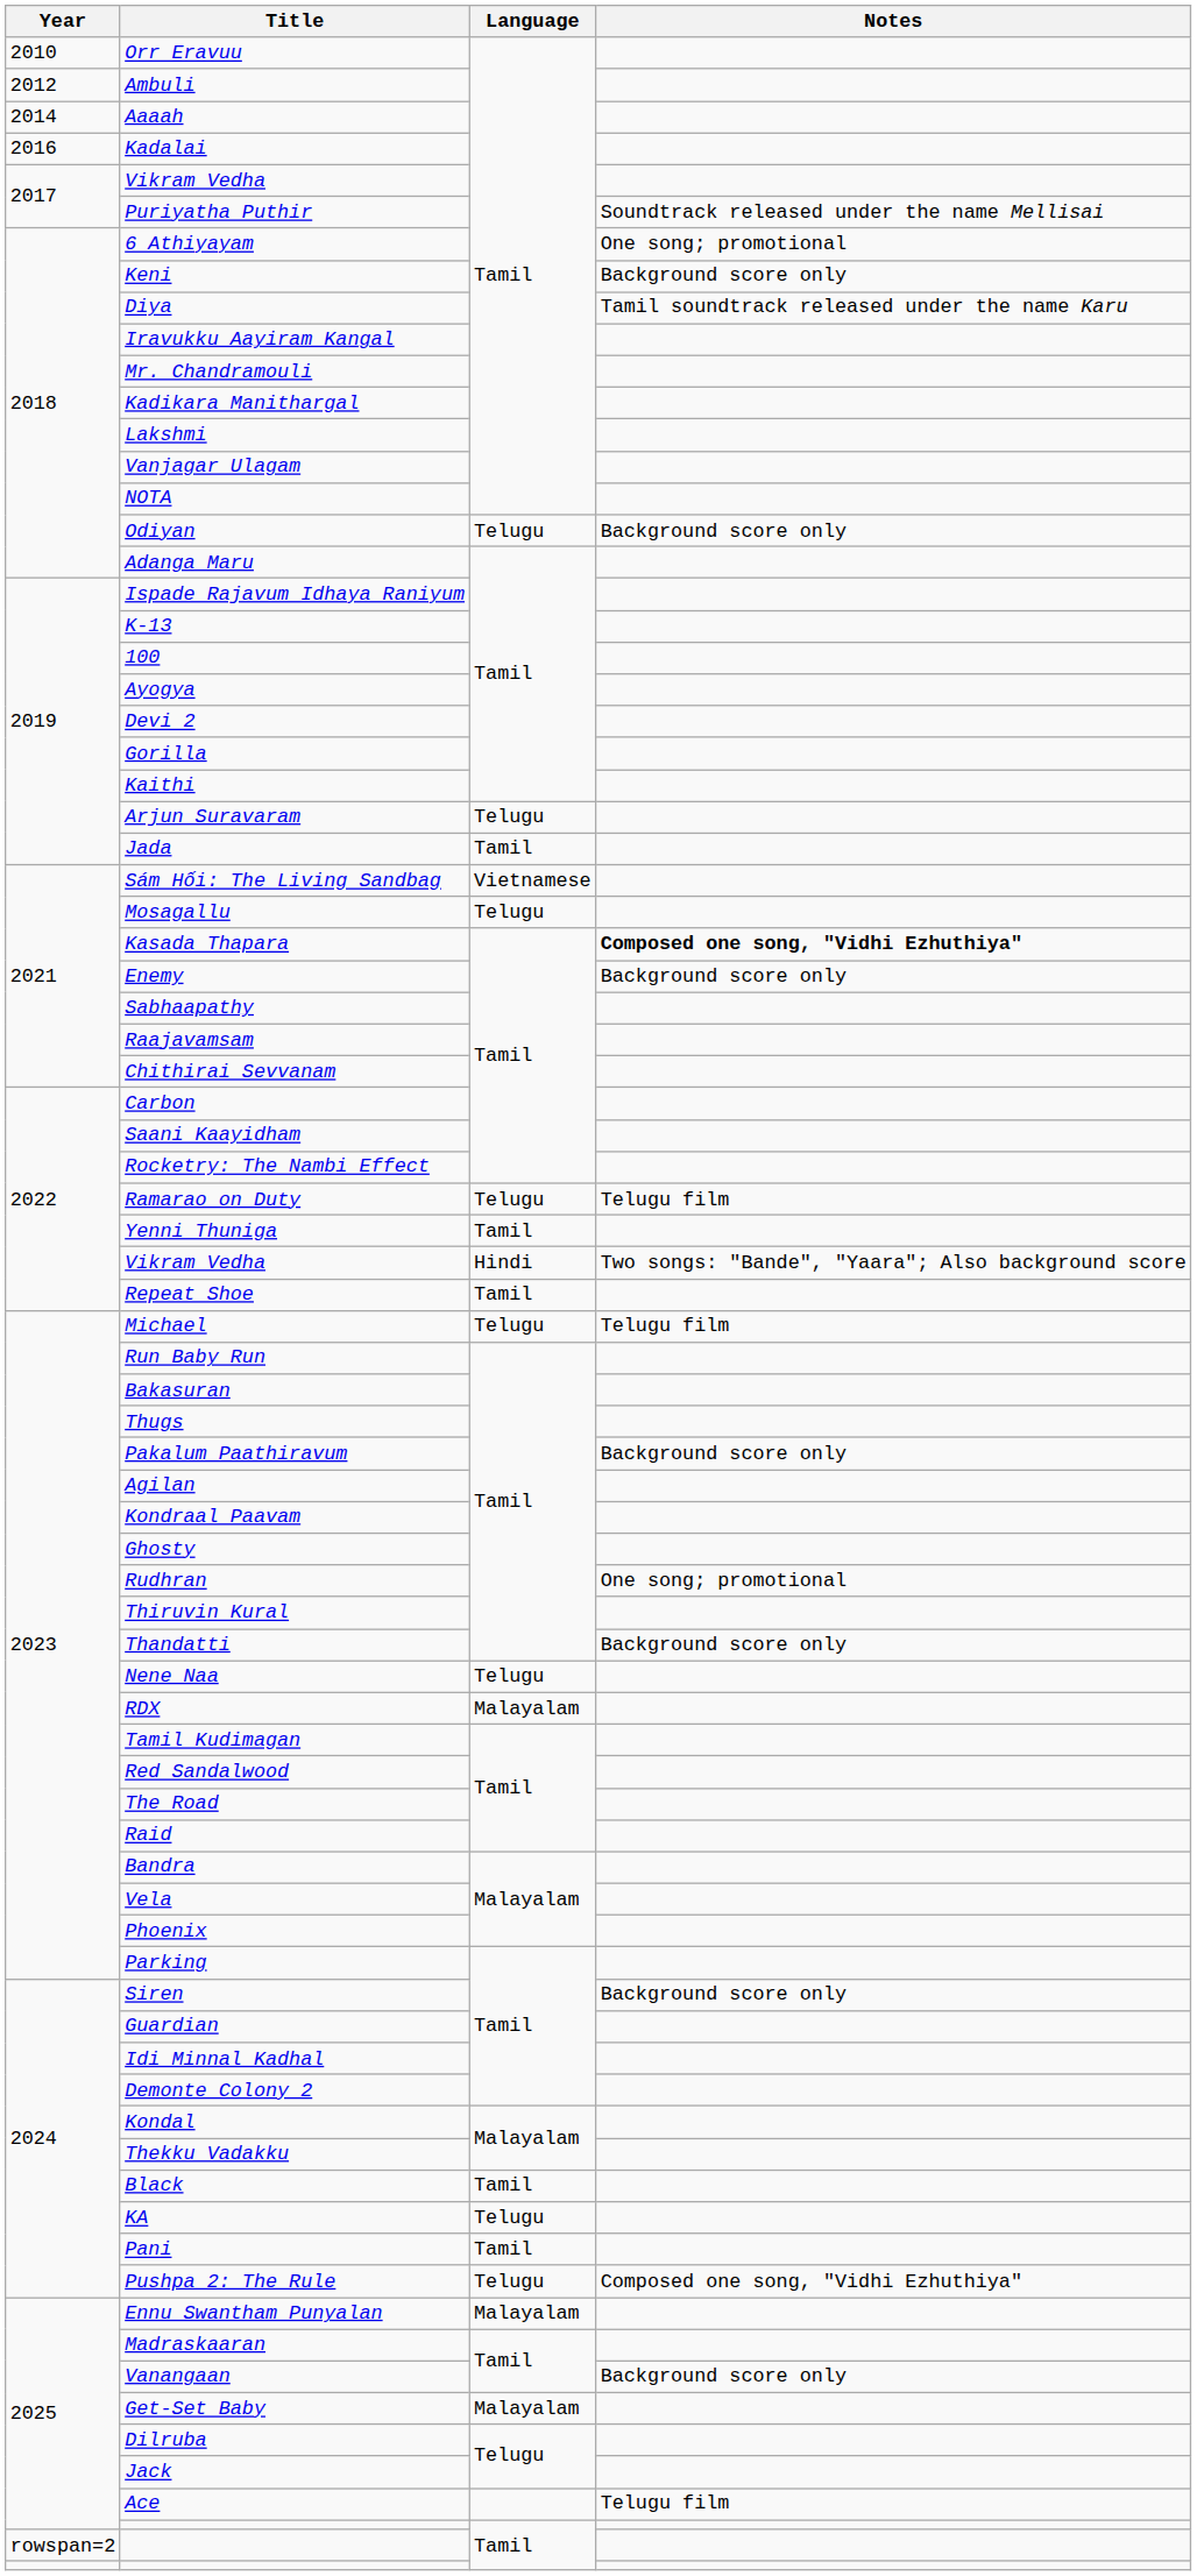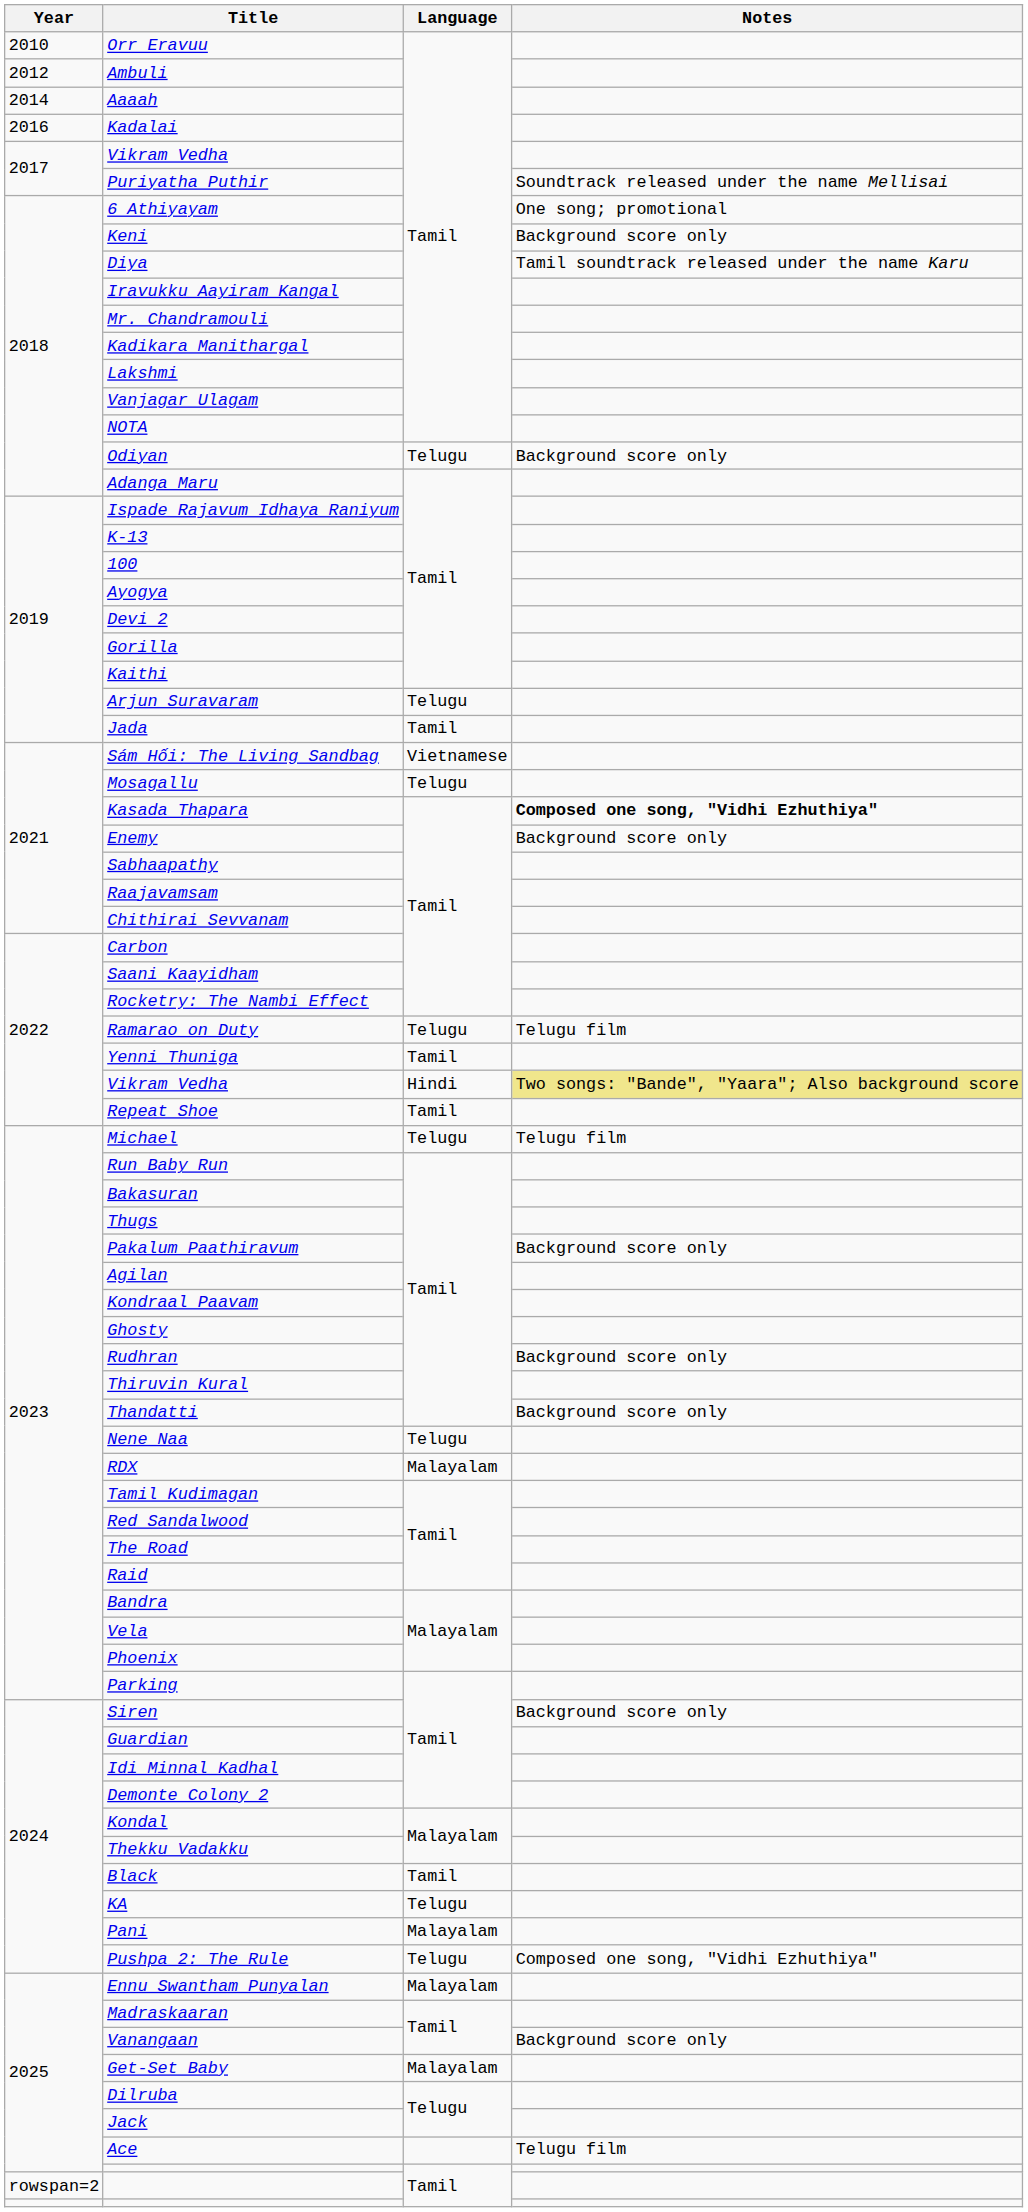 <table class="wikitable sortable">
 <tr>
 <th>Year</th>
 <th>Title</th>
 <th>Language</th>
 <th class="unsortable">Notes</th>
 </tr>
 <tr>
 <td>2010</td>
 <td><em><a href='#'>Orr Eravuu</a></em></td>
 <td rowspan="15">Tamil</td>
 <td></td>
 </tr>
 <tr>
 <td>2012</td>
 <td><em><a href='#'>Ambuli</a></em></td>
 <td></td>
 </tr>
 <tr>
 <td>2014</td>
 <td><em><a href='#'>Aaaah</a></em></td>
 <td></td>
 </tr>
 <tr>
 <td>2016</td>
 <td><em><a href='#'>Kadalai</a></em></td>
 <td></td>
 </tr>
 <tr>
 <td rowspan=2>2017</td>
 <td><em><a href='#'>Vikram Vedha</a></em></td>
 <td></td>
 </tr>
 <tr>
 <td><em><a href='#'>Puriyatha Puthir</a></em></td>
 <td>Soundtrack released under the name <em>Mellisai</em></td>
 </tr>
 <tr>
 <td rowspan=11>2018</td>
 <td><em><a href='#'>6 Athiyayam</a></em></td>
 <td>One song; promotional</td>
 </tr>
 <tr>
 <td><em><a href='#'>Keni</a></em></td>
 <td>Background score only</td>
 </tr>
 <tr>
 <td><em><a href='#'>Diya</a></em></td>
 <td>Tamil soundtrack released under the name <em>Karu</em></td>
 </tr>
 <tr>
 <td><em><a href='#'>Iravukku Aayiram Kangal</a></em></td>
 <td></td>
 </tr>
 <tr>
 <td><em><a href='#'>Mr. Chandramouli</a></em></td>
 <td></td>
 </tr>
 <tr>
 <td><em><a href='#'>Kadikara Manithargal</a></em></td>
 <td></td>
 </tr>
 <tr>
 <td><em><a href='#'>Lakshmi</a></em></td>
 <td></td>
 </tr>
 <tr>
 <td><em><a href='#'>Vanjagar Ulagam</a></em></td>
 <td></td>
 </tr>
 <tr>
 <td><em><a href='#'>NOTA</a></em></td>
 <td></td>
 </tr>
 <tr>
 <td><em><a href='#'>Odiyan</a></em></td>
 <td>Telugu</td>
 <td>Background score only</td>
 </tr>
 <tr>
 <td><em><a href='#'>Adanga Maru</a></em></td>
 <td rowspan="8">Tamil</td>
 <td></td>
 </tr>
 <tr>
 <td rowspan=9>2019</td>
 <td><em><a href='#'>Ispade Rajavum Idhaya Raniyum</a></em></td>
 <td></td>
 </tr>
 <tr>
 <td><em><a href='#'>K-13</a></em></td>
 <td></td>
 </tr>
 <tr>
 <td><em><a href='#'>100</a></em></td>
 <td></td>
 </tr>
 <tr>
 <td><em><a href='#'>Ayogya</a></em></td>
 <td></td>
 </tr>
 <tr>
 <td><em><a href='#'>Devi 2</a></em></td>
 <td></td>
 </tr>
 <tr>
 <td><em><a href='#'>Gorilla</a></em></td>
 <td></td>
 </tr>
 <tr>
 <td><em><a href='#'>Kaithi</a></em></td>
 <td></td>
 </tr>
 <tr>
 <td><em><a href='#'>Arjun Suravaram</a></em></td>
 <td>Telugu</td>
 <td></td>
 </tr>
 <tr>
 <td><em><a href='#'>Jada</a></em></td>
 <td>Tamil</td>
 <td></td>
 </tr>
 <tr>
 <td rowspan=7>2021</td>
 <td><em><a href='#'>Sám Hối: The Living Sandbag</a></em></td>
 <td>Vietnamese</td>
 <td></td>
 </tr>
 <tr>
 <td><em><a href='#'>Mosagallu</a></em></td>
 <td>Telugu</td>
 <td></td>
 </tr>
 <tr>
 <td><em><a href='#'>Kasada Thapara</a></em></td>
 <td rowspan="8">Tamil</td>
 <td><strong>Composed one song, "Vidhi Ezhuthiya"</strong></td>
 </tr>
 <tr>
 <td><em><a href='#'>Enemy</a></em></td>
 <td>Background score only</td>
 </tr>
 <tr>
 <td><em><a href='#'>Sabhaapathy</a></em></td>
 <td></td>
 </tr>
 <tr>
 <td><em><a href='#'>Raajavamsam</a></em></td>
 <td></td>
 </tr>
 <tr>
 <td><em><a href='#'>Chithirai Sevvanam</a></em></td>
 <td></td>
 </tr>
 <tr>
 <td rowspan=7>2022</td>
 <td><em><a href='#'>Carbon</a></em></td>
 <td></td>
 </tr>
 <tr>
 <td><em><a href='#'>Saani Kaayidham</a></em></td>
 <td></td>
 </tr>
 <tr>
 <td><em><a href='#'>Rocketry: The Nambi Effect</a></em></td>
 <td></td>
 </tr>
 <tr>
 <td><em><a href='#'>Ramarao on Duty</a></em></td>
 <td>Telugu</td>
 <td>Telugu film</td>
 </tr>
 <tr>
 <td><em><a href='#'>Yenni Thuniga</a></em></td>
 <td>Tamil</td>
 <td></td>
 </tr>
 <tr>
 <td><em><a href='#'>Vikram Vedha</a></em></td>
 <td>Hindi</td>
-<td>Two songs: "Bande", "Yaara"; Also background score</td>
+<td style="background: khaki;">Two songs: "Bande", "Yaara"; Also background score</td>
 </tr>
 <tr>
 <td><em><a href='#'>Repeat Shoe</a></em></td>
 <td>Tamil</td>
 <td></td>
 </tr>
 <tr>
 <td rowspan=21>2023</td>
 <td><em><a href='#'>Michael</a></em></td>
 <td>Telugu</td>
 <td>Telugu film</td>
 </tr>
 <tr>
 <td><em><a href='#'>Run Baby Run</a></em></td>
 <td rowspan="10">Tamil</td>
 <td></td>
 </tr>
 <tr>
 <td><em><a href='#'>Bakasuran</a></em></td>
 <td></td>
 </tr>
 <tr>
 <td><em><a href='#'>Thugs</a></em></td>
 <td></td>
 </tr>
 <tr>
 <td><em><a href='#'>Pakalum Paathiravum</a></em></td>
 <td>Background score only</td>
 </tr>
 <tr>
 <td><em><a href='#'>Agilan</a></em></td>
 <td></td>
 </tr>
 <tr>
 <td><em><a href='#'>Kondraal Paavam</a></em></td>
 <td></td>
 </tr>
 <tr>
 <td><em><a href='#'>Ghosty</a></em></td>
 <td></td>
 </tr>
 <tr>
 <td><em><a href='#'>Rudhran</a></em></td>
-<td>One song; promotional</td>
+<td>Background score only</td>
 </tr>
 <tr>
 <td><em><a href='#'>Thiruvin Kural</a></em></td>
 <td></td>
 </tr>
 <tr>
 <td><em><a href='#'>Thandatti</a></em></td>
 <td>Background score only</td>
 </tr>
 <tr>
 <td><em><a href='#'>Nene Naa</a></em></td>
 <td>Telugu</td>
 <td></td>
 </tr>
 <tr>
 <td><em><a href='#'>RDX</a></em></td>
 <td>Malayalam</td>
 <td></td>
 </tr>
 <tr>
 <td><em><a href='#'>Tamil Kudimagan</a></em></td>
 <td rowspan="4">Tamil</td>
 <td></td>
 </tr>
 <tr>
 <td><em><a href='#'>Red Sandalwood</a></em></td>
 <td></td>
 </tr>
 <tr>
 <td><em><a href='#'>The Road</a></em></td>
 <td></td>
 </tr>
 <tr>
 <td><em><a href='#'>Raid</a></em></td>
 <td></td>
 </tr>
 <tr>
 <td><em><a href='#'>Bandra</a></em></td>
 <td rowspan="3">Malayalam</td>
 <td></td>
 </tr>
 <tr>
 <td><em><a href='#'>Vela</a></em></td>
 <td></td>
 </tr>
 <tr>
 <td><em><a href='#'>Phoenix</a></em></td>
 <td></td>
 </tr>
 <tr>
 <td><em><a href='#'>Parking</a></em></td>
 <td rowspan="5">Tamil</td>
 <td></td>
 </tr>
 <tr>
 <td rowspan="10">2024</td>
 <td><em><a href='#'>Siren</a></em></td>
 <td>Background score only</td>
 </tr>
 <tr>
 <td><em><a href='#'>Guardian</a></em></td>
 <td></td>
 </tr>
 <tr>
 <td><em><a href='#'>Idi Minnal Kadhal</a></em></td>
 <td></td>
 </tr>
 <tr>
 <td><em><a href='#'>Demonte Colony 2</a></em></td>
 <td></td>
 </tr>
 <tr>
 <td><em><a href='#'>Kondal</a></em></td>
 <td rowspan="2">Malayalam</td>
 <td></td>
 </tr>
 <tr>
 <td><em><a href='#'>Thekku Vadakku</a></em></td>
 <td></td>
 </tr>
 <tr>
 <td><em><a href='#'>Black</a></em></td>
 <td>Tamil</td>
 <td></td>
 </tr>
 <tr>
 <td><em><a href='#'>KA</a></em></td>
 <td>Telugu</td>
 <td></td>
 </tr>
 <tr>
 <td><em><a href='#'>Pani</a></em></td>
-<td>Tamil</td>
+<td>Malayalam</td>
 <td></td>
 </tr>
 <tr>
 <td><em><a href='#'>Pushpa 2: The Rule</a></em></td>
 <td>Telugu</td>
 <td>Composed one song, "Vidhi Ezhuthiya"</td>
 </tr>
 <tr>
 <td rowspan="8">2025</td>
 <td><em><a href='#'>Ennu Swantham Punyalan</a></em></td>
 <td>Malayalam</td>
 <td></td>
 </tr>
 <tr>
 <td><em><a href='#'>Madraskaaran</a></em></td>
 <td rowspan=2>Tamil</td>
 <td></td>
 </tr>
 <tr>
 <td><em><a href='#'>Vanangaan</a></em></td>
 <td>Background score only</td>
 </tr>
 <tr>
 <td><em><a href='#'>Get-Set Baby</a></em></td>
 <td>Malayalam</td>
 <td></td>
 </tr>
 <tr>
 <td><em><a href='#'>Dilruba</a></em></td>
 <td rowspan="2">Telugu</td>
 <td></td>
 </tr>
 <tr>
 <td><em><a href='#'>Jack</a></em></td>
 <td></td>
 </tr>
 <tr>
 <td><a href='#'><em>Ace</em></a></td>
 <td></td>
 <td>Telugu film</td>
 </tr>
 <tr>
 <td></td>
 <td rowspan="3">Tamil</td>
 <td></td>
 </tr>
 <tr>
 <td>rowspan=2 </td>
 <td></td>
 <td></td>
 </tr>
 <tr>
 <td></td>
 <td></td>
 </tr>
 </table>
